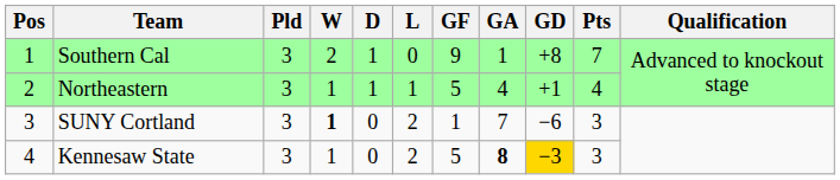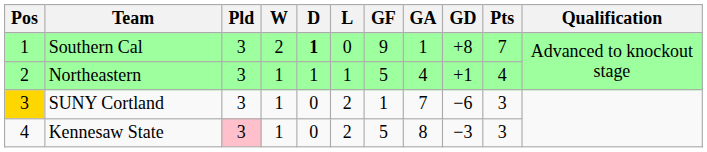 <table class="wikitable" style="text-align:center; margin: 1em auto">
 <tr>
 <th style=width:2em>Pos</th>
 <th style=width:13em>Team</th>
 <th style=width:2em>Pld</th>
 <th style=width:2em>W</th>
 <th style=width:2em>D</th>
 <th style=width:2em>L</th>
 <th style=width:2em>GF</th>
 <th style=width:2em>GA</th>
 <th style=width:2em>GD</th>
 <th style=width:2em>Pts</th>
 <th style=width:13em>Qualification</th>
 </tr>
 <tr bgcolor="#9eff9e">
 <td>1</td>
 <td style="text-align:left">Southern Cal</td>
 <td>3</td>
 <td>2</td>
-<td>1</td>
+<td><strong>1</strong></td>
 <td>0</td>
 <td>9</td>
 <td>1</td>
 <td>+8</td>
 <td>7</td>
 <td rowspan="2">Advanced to knockout stage</td>
 </tr>
 <tr bgcolor="#9eff9e">
 <td>2</td>
 <td style="text-align:left">Northeastern</td>
 <td>3</td>
 <td>1</td>
 <td>1</td>
 <td>1</td>
 <td>5</td>
 <td>4</td>
 <td>+1</td>
 <td>4</td>
 </tr>
 <tr>
-<td>3</td>
+<td style="background: gold;">3</td>
 <td style="text-align:left">SUNY Cortland</td>
 <td>3</td>
-<td><strong>1</strong></td>
+<td>1</td>
 <td>0</td>
 <td>2</td>
 <td>1</td>
 <td>7</td>
 <td>−6</td>
 <td>3</td>
 </tr>
 <tr>
 <td>4</td>
 <td style="text-align:left">Kennesaw State</td>
-<td>3</td>
+<td style="background: pink;">3</td>
 <td>1</td>
 <td>0</td>
 <td>2</td>
 <td>5</td>
-<td><strong>8</strong></td>
-<td style="background: gold;">−3</td>
+<td>8</td>
+<td>−3</td>
 <td>3</td>
 </tr>
 </table>
